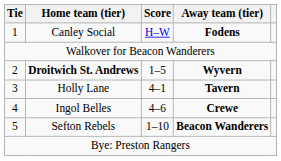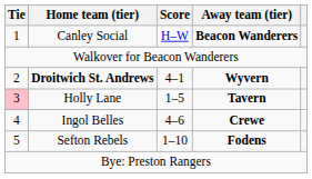 <table class="wikitable" style="text-align:center; font-size:85%">
 <tr>
 <th>Tie</th>
 <th>Home team (tier)</th>
 <th>Score</th>
 <th>Away team (tier)</th>
 <th></th>
 </tr>
 <tr>
 <td align="center">1</td>
 <td>Canley Social</td>
 <td align="center"><a href='#'>H–W</a></td>
-<td><strong>Fodens</strong></td>
+<td><strong>Beacon Wanderers</strong></td>
 <td></td>
 </tr>
 <tr>
 <td colspan="5" align="center">Walkover for Beacon Wanderers</td>
 </tr>
 <tr>
 <td align="center">2</td>
 <td><strong>Droitwich St. Andrews</strong></td>
-<td align="center">1–5</td>
+<td align="center">4–1</td>
 <td><strong>Wyvern</strong></td>
 <td></td>
 </tr>
 <tr>
-<td align="center">3</td>
+<td align="center" style="background: pink;">3</td>
 <td>Holly Lane</td>
-<td align="center">4–1</td>
+<td align="center">1–5</td>
 <td><strong>Tavern</strong></td>
 <td></td>
 </tr>
 <tr>
 <td align="center">4</td>
 <td>Ingol Belles</td>
 <td align="center">4–6</td>
 <td><strong>Crewe</strong></td>
 <td></td>
 </tr>
 <tr>
 <td align="center">5</td>
 <td>Sefton Rebels</td>
 <td align="center">1–10</td>
-<td><strong>Beacon Wanderers</strong></td>
+<td><strong>Fodens</strong></td>
 <td></td>
 </tr>
 <tr>
 <td colspan="5" align="center">Bye: Preston Rangers</td>
 </tr>
 </table>
